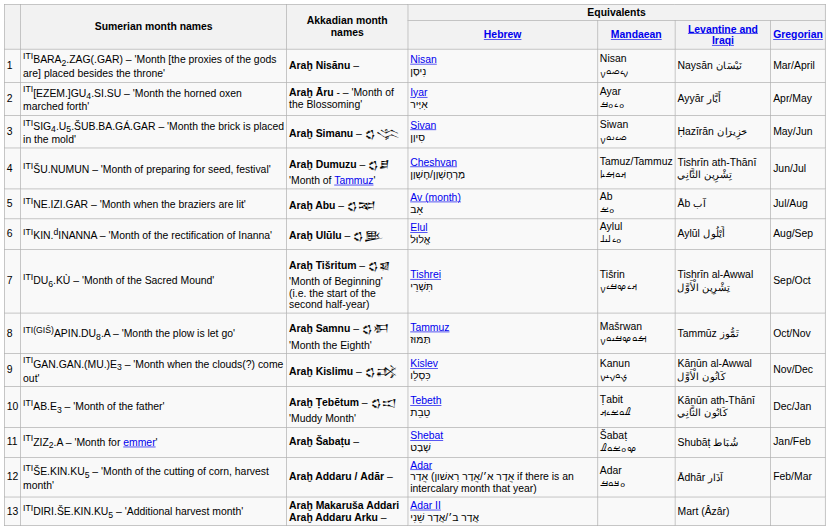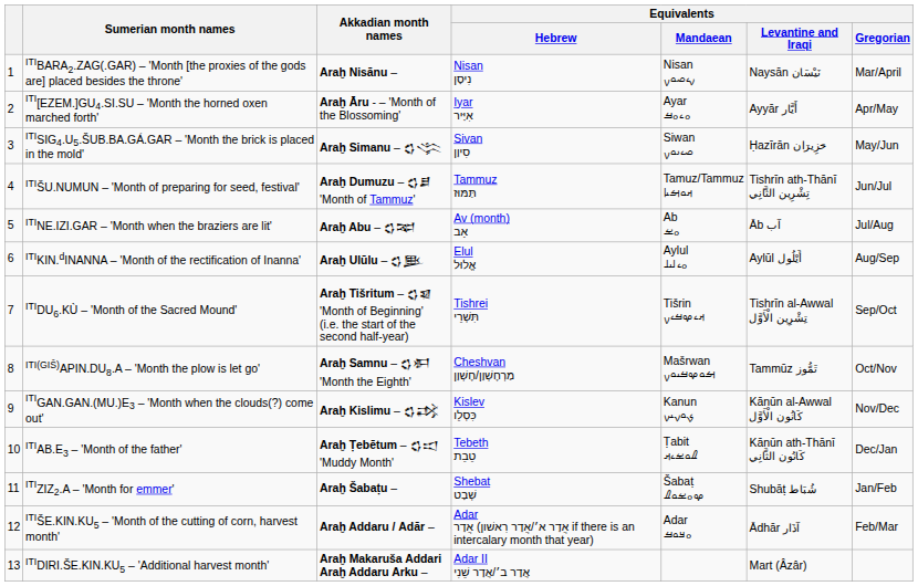 <table class="wikitable" style="margin:1em auto;">
 <tr>
 <th rowspan=2></th>
 <th rowspan="2">Sumerian month names</th>
 <th rowspan="2">Akkadian month names</th>
 <th colspan="4">Equivalents</th>
 </tr>
 <tr>
 <th><a href='#'>Hebrew</a></th>
 <th><a href='#'>Mandaean</a></th>
 <th><a href='#'>Levantine and Iraqi</a></th>
 <th><a href='#'>Gregorian</a></th>
 </tr>
 <tr :3>
 <td>1</td>
 <td> <sup>ITI</sup>BARA<sub>2</sub>.ZAG(.GAR) – 'Month [the proxies of the gods are] placed besides the throne'</td>
 <td><strong>Araḫ Nisānu</strong> – </td>
 <td><a href='#'>Nisan</a><br>נִיסָן</td>
 <td>Nisan<br>ࡍࡉࡎࡀࡍ</td>
 <td>Naysān نَيْسَان</td>
 <td>Mar/April</td>
 </tr>
 <tr>
 <td>2</td>
 <td> <sup>ITI</sup>[EZEM.]GU<sub>4</sub>.SI.SU – 'Month the horned oxen marched forth'</td>
 <td><strong>Araḫ Āru</strong> -  – 'Month of the Blossoming'</td>
 <td><a href='#'>Iyar</a><br>אִיָּיר</td>
 <td>Ayar<br>ࡀࡉࡀࡓ</td>
 <td>Ayyār أَيَّار</td>
 <td>Apr/May</td>
 </tr>
 <tr>
 <td>3</td>
 <td> <sup>ITI</sup>SIG<sub>4</sub>.U<sub>5</sub>.ŠUB.BA.GÁ.GAR – 'Month the brick is placed in the mold'</td>
 <td><strong>Araḫ Simanu</strong> – 𒌚𒋞</td>
 <td><a href='#'>Sivan</a><br>סִיוָן</td>
 <td>Siwan<br>ࡎࡉࡅࡀࡍ</td>
 <td>Ḥazīrān حَزِيرَان</td>
 <td>May/Jun</td>
 </tr>
 <tr>
 <td>4</td>
 <td> <sup>ITI</sup>ŠU.NUMUN – 'Month of preparing for seed, festival'</td>
 <td><strong>Araḫ Dumuzu</strong> – 𒌚𒋗<br>'Month of <a href='#'>Tammuz</a>'</td>
-<td><a href='#'>Cheshvan</a><br>מַרְחֶשְׁוָן/חֶשְׁוָן</td>
+<td><a href='#'>Tammuz</a><br>תַּמּוּז</td>
 <td>Tamuz/Tammuz<br>ࡕࡀࡌࡅࡆ</td>
 <td>Tishrīn ath-Thānī تِشْرِين الثَّانِي</td>
 <td>Jun/Jul</td>
 </tr>
 <tr>
 <td>5</td>
 <td> <sup>ITI</sup>NE.IZI.GAR – 'Month when the braziers are lit'</td>
 <td><strong>Araḫ Abu</strong> – 𒌚𒉈</td>
 <td><a href='#'>Av (month)</a><br>אָב</td>
 <td>Ab<br>ࡀࡁ</td>
 <td>Āb آب</td>
 <td>Jul/Aug</td>
 </tr>
 <tr>
 <td>6</td>
 <td> <sup>ITI</sup>KIN.<sup>d</sup>INANNA – 'Month of the rectification of Inanna'</td>
 <td><strong>Araḫ Ulūlu</strong> – 𒌚𒆥</td>
 <td><a href='#'>Elul</a><br>אֱלוּל</td>
 <td>Aylul<br>ࡀࡉࡋࡅࡋ</td>
 <td>Aylūl أَيْلُول</td>
 <td>Aug/Sep</td>
 </tr>
 <tr>
 <td>7</td>
 <td> <sup>ITI</sup>DU<sub>6</sub>.KÙ – 'Month of the Sacred Mound'</td>
 <td><strong>Araḫ Tišritum</strong> – 𒌚𒇯<br>'Month of Beginning'<br> (i.e. the start of the second half-year)</td>
 <td><a href='#'>Tishrei</a><br>תִּשְׁרֵי</td>
 <td>Tišrin<br>ࡕࡉࡔࡓࡉࡍ</td>
 <td>Tishrīn al-Awwal تِشْرِين الْأَوَّل</td>
 <td>Sep/Oct</td>
 </tr>
 <tr>
 <td>8</td>
 <td> <sup>ITI(GIŠ)</sup>APIN.DU<sub>8</sub>.A – 'Month the plow is let go'</td>
 <td><strong>Araḫ Samnu</strong> – 𒌚𒀳<br>'Month the Eighth'</td>
-<td><a href='#'>Tammuz</a><br>תַּמּוּז</td>
+<td><a href='#'>Cheshvan</a><br>מַרְחֶשְׁוָן/חֶשְׁוָן</td>
 <td>Mašrwan<br>ࡌࡀࡔࡓࡅࡀࡍ</td>
 <td>Tammūz تَمُّوز</td>
 <td>Oct/Nov</td>
 </tr>
 <tr>
 <td>9</td>
 <td> <sup>ITI</sup>GAN.GAN.(MU.)E<sub>3</sub> – 'Month when the clouds(?) come out'</td>
 <td><strong>Araḫ Kislimu</strong> – 𒌚𒃶</td>
 <td><a href='#'>Kislev</a><br>כִּסְלֵו</td>
 <td>Kanun<br>ࡊࡀࡍࡅࡍ</td>
 <td>Kānūn al-Awwal كَانُون الْأَوَّل</td>
 <td>Nov/Dec</td>
 </tr>
 <tr>
 <td>10</td>
 <td> <sup>ITI</sup>AB.E<sub>3</sub> – 'Month of the father'</td>
 <td><strong>Araḫ Ṭebētum</strong> – 𒌚𒀊<br>'Muddy Month'</td>
 <td><a href='#'>Tebeth</a><br>טֵבֵת</td>
 <td>Ṭabit<br>ࡈࡀࡁࡉࡕ</td>
 <td>Kānūn ath-Thānī كَانُون الثَّانِي</td>
 <td>Dec/Jan</td>
 </tr>
 <tr>
 <td>11</td>
 <td> <sup>ITI</sup>ZIZ<sub>2</sub>.A – 'Month for <a href='#'>emmer</a>'</td>
 <td><strong>Araḫ Šabaṭu</strong> – </td>
 <td><a href='#'>Shebat</a><br>שְׁבָט</td>
 <td>Šabaṭ<br>ࡔࡀࡁࡀࡈ</td>
 <td>Shubāṭ شُبَاط</td>
 <td>Jan/Feb</td>
 </tr>
 <tr>
 <td>12</td>
 <td> <sup>ITI</sup>ŠE.KIN.KU<sub>5</sub> – 'Month of the cutting of corn, harvest month'</td>
 <td><strong>Araḫ Addaru /</strong> <strong>Adār</strong> – </td>
 <td><a href='#'>Adar</a><br>אֲדָר (אֲדָר א׳/אֲדָר רִאשׁון if there is an intercalary month that year)</td>
 <td>Adar<br>ࡀࡃࡀࡓ</td>
 <td>Ādhār آذَار</td>
 <td>Feb/Mar</td>
 </tr>
 <tr>
 <td>13</td>
 <td> <sup>ITI</sup>DIRI.ŠE.KIN.KU<sub>5</sub> – 'Additional harvest month'</td>
 <td><strong>Araḫ Makaruša Addari</strong><br><strong>Araḫ Addaru Arku</strong> – </td>
 <td><a href='#'>Adar II</a><br>אֲדָר ב׳/אֲדָר שֵׁנִי</td>
 <td></td>
 <td>Mart (Âzâr)</td>
 <td></td>
 </tr>
 </table>
